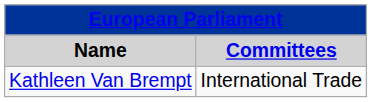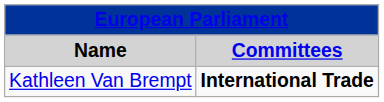 <table class="wikitable">
 <tr>
 <th style="background: #003399;" colspan="2"><a href='#'><span>European Parliament</span></a></th>
 </tr>
 <tr>
 <th style="background:LightGrey;">Name</th>
 <th style="background:LightGrey;"><a href='#'>Committees</a></th>
 </tr>
 <tr>
 <td><a href='#'>Kathleen Van Brempt</a></td>
-<td>International Trade</td>
+<td><strong>International Trade</strong></td>
 </tr>
 </table>
